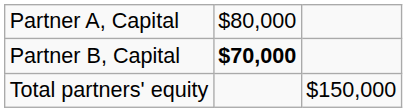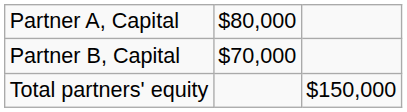 <table class="wikitable">
 <tr>
 <td>Partner A, Capital</td>
 <td>$80,000</td>
 <td></td>
 </tr>
 <tr>
 <td>Partner B, Capital</td>
-<td><strong>$70,000</strong></td>
+<td>$70,000</td>
 <td></td>
 </tr>
 <tr>
 <td>Total partners' equity</td>
 <td></td>
 <td>$150,000</td>
 </tr>
 </table>
